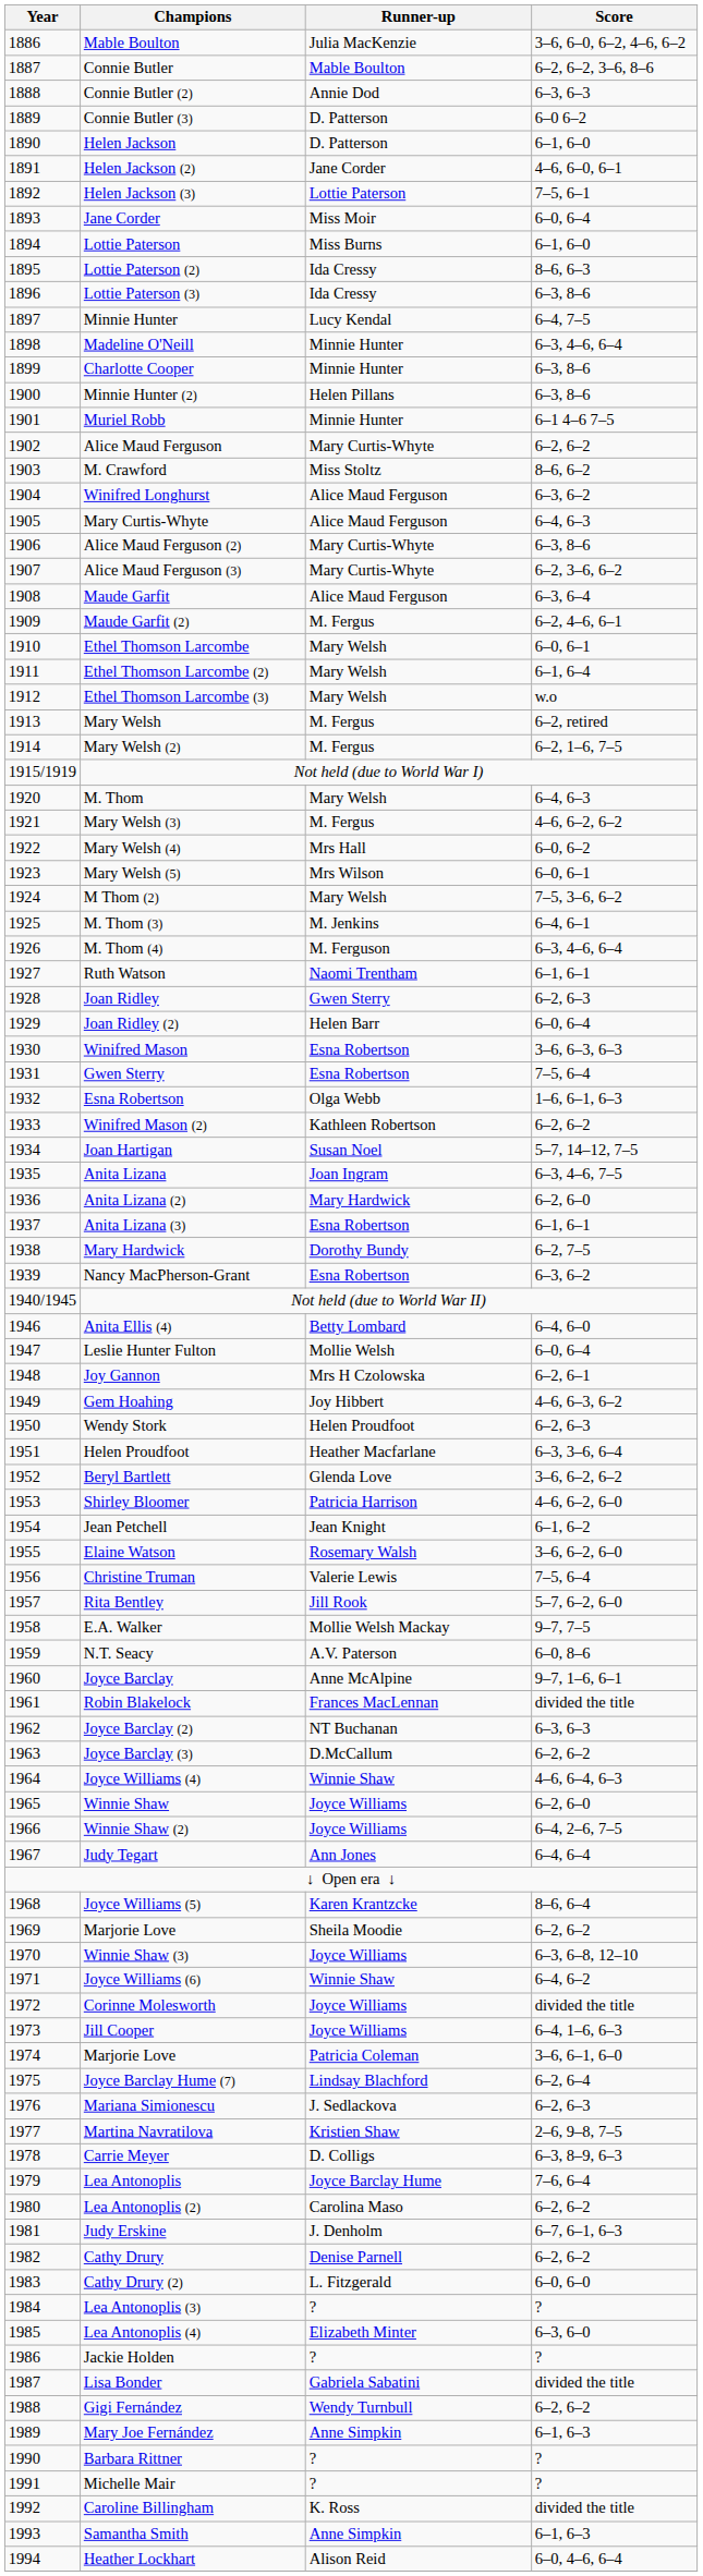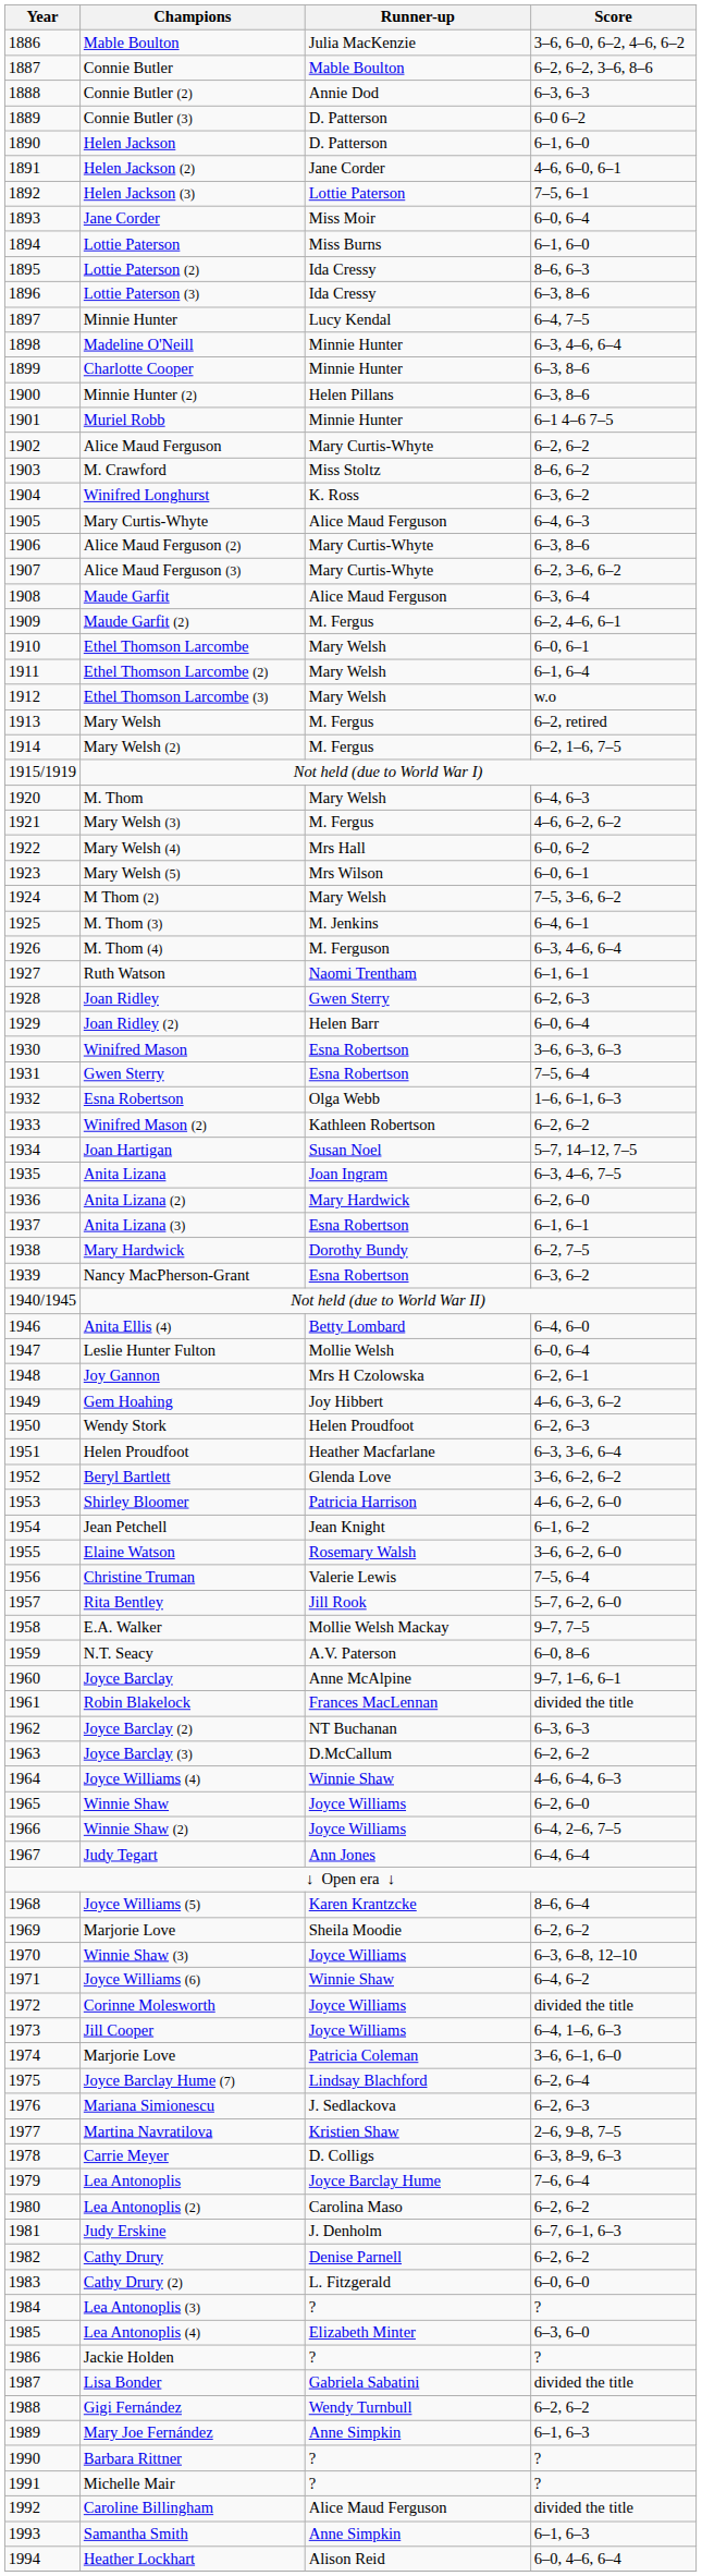 <table class="wikitable">
 <tr>
 <th style="width:60px;">Year</th>
 <th style="width:220px;">Champions</th>
 <th style="width:220px;">Runner-up</th>
 <th style="width:160px;">Score</th>
 </tr>
 <tr>
 <td>1886</td>
 <td> <a href='#'>Mable Boulton</a></td>
 <td> Julia MacKenzie</td>
 <td>3–6, 6–0, 6–2, 4–6, 6–2</td>
 </tr>
 <tr>
 <td>1887</td>
 <td> Connie Butler</td>
 <td> <a href='#'>Mable Boulton</a></td>
 <td>6–2, 6–2, 3–6, 8–6</td>
 </tr>
 <tr>
 <td>1888</td>
 <td> Connie Butler <small>(2)</small></td>
 <td> Annie Dod</td>
 <td>6–3, 6–3</td>
 </tr>
 <tr>
 <td>1889</td>
 <td> Connie Butler  <small>(3)</small></td>
 <td>  D. Patterson</td>
 <td>6–0 6–2</td>
 </tr>
 <tr>
 <td>1890</td>
 <td> <a href='#'>Helen Jackson</a></td>
 <td>  D. Patterson</td>
 <td>6–1, 6–0</td>
 </tr>
 <tr>
 <td>1891</td>
 <td> <a href='#'>Helen Jackson</a> <small>(2)</small></td>
 <td> Jane Corder</td>
 <td>4–6, 6–0, 6–1</td>
 </tr>
 <tr>
 <td>1892</td>
 <td> <a href='#'>Helen Jackson</a> <small>(3)</small></td>
 <td> <a href='#'>Lottie Paterson</a></td>
 <td>7–5, 6–1</td>
 </tr>
 <tr>
 <td>1893</td>
 <td> <a href='#'>Jane Corder</a></td>
 <td> Miss Moir</td>
 <td>6–0, 6–4</td>
 </tr>
 <tr>
 <td>1894</td>
 <td> <a href='#'>Lottie Paterson</a></td>
 <td>  Miss Burns</td>
 <td>6–1, 6–0</td>
 </tr>
 <tr>
 <td>1895</td>
 <td> <a href='#'>Lottie Paterson</a> <small>(2)</small></td>
 <td> Ida Cressy</td>
 <td>8–6, 6–3</td>
 </tr>
 <tr>
 <td>1896</td>
 <td> <a href='#'>Lottie Paterson</a>  <small>(3)</small></td>
 <td> Ida Cressy</td>
 <td>6–3, 8–6</td>
 </tr>
 <tr>
 <td>1897</td>
 <td> Minnie Hunter</td>
 <td> Lucy Kendal</td>
 <td>6–4, 7–5</td>
 </tr>
 <tr>
 <td>1898</td>
 <td> <a href='#'>Madeline O'Neill</a></td>
 <td> Minnie Hunter</td>
 <td>6–3, 4–6, 6–4</td>
 </tr>
 <tr>
 <td>1899</td>
 <td> <a href='#'>Charlotte Cooper</a></td>
 <td> Minnie Hunter</td>
 <td>6–3, 8–6</td>
 </tr>
 <tr>
 <td>1900</td>
 <td> Minnie Hunter <small>(2)</small></td>
 <td> Helen Pillans</td>
 <td>6–3, 8–6</td>
 </tr>
 <tr>
 <td>1901</td>
 <td> <a href='#'>Muriel Robb</a></td>
 <td> Minnie Hunter</td>
 <td>6–1 4–6 7–5</td>
 </tr>
 <tr>
 <td>1902</td>
 <td> Alice Maud Ferguson</td>
 <td> Mary Curtis-Whyte</td>
 <td>6–2, 6–2</td>
 </tr>
 <tr>
 <td>1903</td>
 <td> M. Crawford</td>
 <td> Miss Stoltz</td>
 <td>8–6, 6–2</td>
 </tr>
 <tr>
 <td>1904</td>
 <td> <a href='#'>Winifred Longhurst</a></td>
-<td> Alice Maud Ferguson</td>
+<td> K. Ross</td>
 <td>6–3, 6–2</td>
 </tr>
 <tr>
 <td>1905</td>
 <td> Mary Curtis-Whyte</td>
 <td> Alice Maud Ferguson</td>
 <td>6–4, 6–3</td>
 </tr>
 <tr>
 <td>1906</td>
 <td> Alice Maud Ferguson <small>(2)</small></td>
 <td> Mary Curtis-Whyte</td>
 <td>6–3, 8–6</td>
 </tr>
 <tr>
 <td>1907</td>
 <td> Alice Maud Ferguson <small>(3)</small></td>
 <td> Mary Curtis-Whyte</td>
 <td>6–2, 3–6, 6–2</td>
 </tr>
 <tr>
 <td>1908</td>
 <td> <a href='#'>Maude Garfit</a></td>
 <td> Alice Maud Ferguson</td>
 <td>6–3, 6–4</td>
 </tr>
 <tr>
 <td>1909</td>
 <td> <a href='#'>Maude Garfit</a> <small>(2)</small></td>
 <td> M. Fergus</td>
 <td>6–2, 4–6, 6–1</td>
 </tr>
 <tr>
 <td>1910</td>
 <td> <a href='#'>Ethel Thomson Larcombe</a></td>
 <td> Mary Welsh</td>
 <td>6–0, 6–1</td>
 </tr>
 <tr>
 <td>1911</td>
 <td> <a href='#'>Ethel Thomson Larcombe</a> <small>(2)</small></td>
 <td> Mary Welsh</td>
 <td>6–1, 6–4</td>
 </tr>
 <tr>
 <td>1912</td>
 <td> <a href='#'>Ethel Thomson Larcombe</a> <small>(3)</small></td>
 <td> Mary Welsh</td>
 <td>w.o</td>
 </tr>
 <tr>
 <td>1913</td>
 <td> Mary Welsh</td>
 <td> M. Fergus</td>
 <td>6–2, retired</td>
 </tr>
 <tr>
 <td>1914</td>
 <td> Mary Welsh <small>(2)</small></td>
 <td> M. Fergus</td>
 <td>6–2, 1–6, 7–5</td>
 </tr>
 <tr>
 <td>1915/1919</td>
 <td colspan=4 align=center><em>Not held (due to World War I)</em></td>
 </tr>
 <tr>
 <td>1920</td>
 <td>  M. Thom</td>
 <td> Mary Welsh</td>
 <td>6–4, 6–3</td>
 </tr>
 <tr>
 <td>1921</td>
 <td> Mary Welsh <small>(3)</small></td>
 <td> M. Fergus</td>
 <td>4–6, 6–2, 6–2</td>
 </tr>
 <tr>
 <td>1922</td>
 <td> Mary Welsh <small>(4)</small></td>
 <td> Mrs Hall</td>
 <td>6–0, 6–2</td>
 </tr>
 <tr>
 <td>1923</td>
 <td> Mary Welsh <small>(5)</small></td>
 <td> Mrs Wilson</td>
 <td>6–0, 6–1</td>
 </tr>
 <tr>
 <td>1924</td>
 <td> M Thom <small>(2)</small></td>
 <td> Mary Welsh</td>
 <td>7–5, 3–6, 6–2</td>
 </tr>
 <tr>
 <td>1925</td>
 <td> M. Thom <small>(3)</small></td>
 <td> M. Jenkins</td>
 <td>6–4, 6–1</td>
 </tr>
 <tr>
 <td>1926</td>
 <td> M. Thom <small>(4)</small></td>
 <td> M. Ferguson</td>
 <td>6–3, 4–6, 6–4</td>
 </tr>
 <tr>
 <td>1927</td>
 <td> Ruth Watson</td>
 <td> <a href='#'>Naomi Trentham</a></td>
 <td>6–1, 6–1</td>
 </tr>
 <tr>
 <td>1928</td>
 <td> <a href='#'>Joan Ridley</a></td>
 <td> <a href='#'>Gwen Sterry</a></td>
 <td>6–2, 6–3</td>
 </tr>
 <tr>
 <td>1929</td>
 <td> <a href='#'>Joan Ridley</a> <small>(2)</small></td>
 <td> Helen Barr</td>
 <td>6–0, 6–4</td>
 </tr>
 <tr>
 <td>1930</td>
 <td> <a href='#'>Winifred Mason</a></td>
 <td> <a href='#'>Esna Robertson</a></td>
 <td>3–6, 6–3, 6–3</td>
 </tr>
 <tr>
 <td>1931</td>
 <td> <a href='#'>Gwen Sterry</a></td>
 <td> <a href='#'>Esna Robertson</a></td>
 <td>7–5, 6–4</td>
 </tr>
 <tr>
 <td>1932 </td>
 <td> <a href='#'>Esna Robertson</a></td>
 <td> Olga Webb</td>
 <td>1–6, 6–1, 6–3</td>
 </tr>
 <tr>
 <td>1933</td>
 <td> <a href='#'>Winifred Mason</a> <small>(2)</small></td>
 <td> Kathleen Robertson</td>
 <td>6–2, 6–2</td>
 </tr>
 <tr>
 <td>1934 </td>
 <td> <a href='#'>Joan Hartigan</a></td>
 <td> <a href='#'>Susan Noel</a></td>
 <td>5–7, 14–12, 7–5</td>
 </tr>
 <tr>
 <td>1935</td>
 <td> <a href='#'>Anita Lizana</a></td>
 <td> <a href='#'>Joan Ingram</a></td>
 <td>6–3, 4–6, 7–5</td>
 </tr>
 <tr>
 <td>1936</td>
 <td> <a href='#'>Anita Lizana</a> <small>(2)</small></td>
 <td> <a href='#'>Mary Hardwick</a></td>
 <td>6–2, 6–0</td>
 </tr>
 <tr>
 <td>1937</td>
 <td> <a href='#'>Anita Lizana</a> <small>(3)</small></td>
 <td> <a href='#'>Esna Robertson</a></td>
 <td>6–1, 6–1</td>
 </tr>
 <tr>
 <td>1938</td>
 <td> <a href='#'>Mary Hardwick</a></td>
 <td> <a href='#'>Dorothy Bundy</a></td>
 <td>6–2, 7–5</td>
 </tr>
 <tr>
 <td>1939</td>
 <td> Nancy MacPherson-Grant</td>
 <td> <a href='#'>Esna Robertson</a></td>
 <td>6–3, 6–2</td>
 </tr>
 <tr>
 <td>1940/1945</td>
 <td colspan=4 align=center><em>Not held (due to World War II)</em></td>
 </tr>
 <tr>
 <td>1946</td>
 <td> <a href='#'>Anita Ellis</a> <small>(4)</small></td>
 <td> <a href='#'>Betty Lombard</a></td>
 <td>6–4, 6–0</td>
 </tr>
 <tr>
 <td>1947</td>
 <td> Leslie Hunter Fulton</td>
 <td> Mollie Welsh</td>
 <td>6–0, 6–4</td>
 </tr>
 <tr>
 <td>1948</td>
 <td> <a href='#'>Joy Gannon</a></td>
 <td> Mrs H Czolowska</td>
 <td>6–2, 6–1</td>
 </tr>
 <tr>
 <td>1949</td>
 <td> <a href='#'>Gem Hoahing</a></td>
 <td> Joy Hibbert</td>
 <td>4–6, 6–3, 6–2</td>
 </tr>
 <tr>
 <td>1950</td>
 <td> Wendy Stork</td>
 <td> Helen Proudfoot</td>
 <td>6–2, 6–3</td>
 </tr>
 <tr>
 <td>1951</td>
 <td>  Helen Proudfoot</td>
 <td> Heather Macfarlane</td>
 <td>6–3, 3–6, 6–4</td>
 </tr>
 <tr>
 <td>1952</td>
 <td> <a href='#'>Beryl Bartlett</a></td>
 <td> Glenda Love</td>
 <td>3–6, 6–2, 6–2</td>
 </tr>
 <tr>
 <td>1953</td>
 <td> <a href='#'>Shirley Bloomer</a></td>
 <td> <a href='#'>Patricia Harrison</a></td>
 <td>4–6, 6–2, 6–0</td>
 </tr>
 <tr>
 <td>1954</td>
 <td> Jean Petchell</td>
 <td> Jean Knight</td>
 <td>6–1, 6–2</td>
 </tr>
 <tr>
 <td>1955</td>
 <td> <a href='#'>Elaine Watson</a></td>
 <td> <a href='#'>Rosemary Walsh</a></td>
 <td>3–6, 6–2, 6–0</td>
 </tr>
 <tr>
 <td>1956</td>
 <td> <a href='#'>Christine Truman</a></td>
 <td> Valerie Lewis</td>
 <td>7–5, 6–4</td>
 </tr>
 <tr>
 <td>1957</td>
 <td> <a href='#'>Rita Bentley</a></td>
 <td> <a href='#'>Jill Rook</a></td>
 <td>5–7, 6–2, 6–0</td>
 </tr>
 <tr>
 <td>1958</td>
 <td> E.A. Walker</td>
 <td>  Mollie Welsh Mackay</td>
 <td>9–7, 7–5</td>
 </tr>
 <tr>
 <td>1959</td>
 <td> N.T. Seacy</td>
 <td> A.V. Paterson</td>
 <td>6–0, 8–6</td>
 </tr>
 <tr>
 <td>1960</td>
 <td> <a href='#'>Joyce Barclay</a></td>
 <td> Anne McAlpine</td>
 <td>9–7, 1–6, 6–1</td>
 </tr>
 <tr>
 <td>1961</td>
 <td> <a href='#'>Robin Blakelock</a></td>
 <td> <a href='#'>Frances MacLennan</a></td>
 <td>divided the title</td>
 </tr>
 <tr>
 <td>1962</td>
 <td> <a href='#'>Joyce Barclay</a> <small>(2)</small></td>
 <td> NT Buchanan</td>
 <td>6–3, 6–3</td>
 </tr>
 <tr>
 <td>1963</td>
 <td> <a href='#'>Joyce Barclay</a>  <small>(3)</small></td>
 <td> D.McCallum</td>
 <td>6–2, 6–2</td>
 </tr>
 <tr>
 <td>1964</td>
 <td> <a href='#'>Joyce Williams</a> <small>(4)</small></td>
 <td> <a href='#'>Winnie Shaw</a></td>
 <td>4–6, 6–4, 6–3</td>
 </tr>
 <tr>
 <td>1965</td>
 <td> <a href='#'>Winnie Shaw</a></td>
 <td> <a href='#'>Joyce Williams</a></td>
 <td>6–2, 6–0</td>
 </tr>
 <tr>
 <td>1966</td>
 <td> <a href='#'>Winnie Shaw</a> <small>(2)</small></td>
 <td> <a href='#'>Joyce Williams</a></td>
 <td>6–4, 2–6, 7–5</td>
 </tr>
 <tr>
 <td>1967</td>
 <td> <a href='#'>Judy Tegart</a></td>
 <td> <a href='#'>Ann Jones</a></td>
 <td>6–4, 6–4</td>
 </tr>
 <tr>
 <td colspan="4" align="center">↓  Open era  ↓</td>
 </tr>
 <tr>
 <td>1968</td>
 <td> <a href='#'>Joyce Williams</a> <small>(5)</small></td>
 <td> <a href='#'>Karen Krantzcke</a></td>
 <td>8–6, 6–4</td>
 </tr>
 <tr>
 <td>1969</td>
 <td>  Marjorie Love</td>
 <td> Sheila Moodie</td>
 <td>6–2, 6–2</td>
 </tr>
 <tr>
 <td>1970</td>
 <td> <a href='#'>Winnie Shaw</a> <small>(3)</small></td>
 <td> <a href='#'>Joyce Williams</a></td>
 <td>6–3, 6–8, 12–10</td>
 </tr>
 <tr>
 <td>1971</td>
 <td> <a href='#'>Joyce Williams</a> <small>(6)</small></td>
 <td> <a href='#'>Winnie Shaw</a></td>
 <td>6–4, 6–2</td>
 </tr>
 <tr>
 <td>1972</td>
 <td> <a href='#'>Corinne Molesworth</a></td>
 <td> <a href='#'>Joyce Williams</a></td>
 <td>divided the title</td>
 </tr>
 <tr>
 <td>1973</td>
 <td> <a href='#'>Jill Cooper</a></td>
 <td> <a href='#'>Joyce Williams</a></td>
 <td>6–4, 1–6, 6–3</td>
 </tr>
 <tr>
 <td>1974</td>
 <td>  Marjorie Love</td>
 <td> <a href='#'>Patricia Coleman</a></td>
 <td>3–6, 6–1, 6–0</td>
 </tr>
 <tr>
 <td>1975</td>
 <td> <a href='#'>Joyce Barclay Hume</a> <small>(7)</small></td>
 <td> <a href='#'>Lindsay Blachford</a></td>
 <td>6–2, 6–4</td>
 </tr>
 <tr>
 <td>1976 </td>
 <td> <a href='#'>Mariana Simionescu</a></td>
 <td> J. Sedlackova</td>
 <td>6–2, 6–3</td>
 </tr>
 <tr>
 <td>1977 </td>
 <td> <a href='#'>Martina Navratilova</a></td>
 <td> <a href='#'>Kristien Shaw</a></td>
 <td>2–6, 9–8, 7–5</td>
 </tr>
 <tr>
 <td>1978</td>
 <td> <a href='#'>Carrie Meyer</a></td>
 <td> D. Colligs</td>
 <td>6–3, 8–9, 6–3</td>
 </tr>
 <tr>
 <td>1979</td>
 <td> <a href='#'>Lea Antonoplis</a></td>
 <td> <a href='#'>Joyce Barclay Hume</a></td>
 <td>7–6, 6–4</td>
 </tr>
 <tr>
 <td>1980</td>
 <td> <a href='#'>Lea Antonoplis</a> <small>(2)</small></td>
 <td> Carolina Maso</td>
 <td>6–2, 6–2</td>
 </tr>
 <tr>
 <td>1981</td>
 <td> <a href='#'>Judy Erskine</a></td>
 <td> J. Denholm</td>
 <td>6–7, 6–1, 6–3</td>
 </tr>
 <tr>
 <td>1982</td>
 <td> <a href='#'>Cathy Drury</a></td>
 <td> <a href='#'>Denise Parnell</a></td>
 <td>6–2, 6–2</td>
 </tr>
 <tr>
 <td>1983</td>
 <td> <a href='#'>Cathy Drury</a> <small>(2)</small></td>
 <td> L. Fitzgerald</td>
 <td>6–0, 6–0</td>
 </tr>
 <tr>
 <td>1984</td>
 <td> <a href='#'>Lea Antonoplis</a> <small>(3)</small></td>
 <td>?</td>
 <td>?</td>
 </tr>
 <tr>
 <td>1985</td>
 <td> <a href='#'>Lea Antonoplis</a> <small>(4)</small></td>
 <td> <a href='#'>Elizabeth Minter</a></td>
 <td>6–3, 6–0</td>
 </tr>
 <tr>
 <td>1986</td>
 <td> Jackie Holden</td>
 <td>?</td>
 <td>?</td>
 </tr>
 <tr>
 <td>1987 </td>
 <td> <a href='#'>Lisa Bonder</a></td>
 <td> <a href='#'>Gabriela Sabatini</a></td>
 <td>divided the title </td>
 </tr>
 <tr>
 <td>1988 </td>
 <td>   <a href='#'>Gigi Fernández</a></td>
 <td> <a href='#'>Wendy Turnbull</a></td>
 <td>6–2, 6–2</td>
 </tr>
 <tr>
 <td>1989 </td>
 <td> <a href='#'>Mary Joe Fernández</a></td>
 <td>  <a href='#'>Anne Simpkin</a></td>
 <td>6–1, 6–3</td>
 </tr>
 <tr>
 <td>1990</td>
 <td> <a href='#'>Barbara Rittner</a></td>
 <td>?</td>
 <td>?</td>
 </tr>
 <tr>
 <td>1991 </td>
 <td> Michelle Mair</td>
 <td>?</td>
 <td>?</td>
 </tr>
 <tr>
 <td>1992</td>
 <td> <a href='#'>Caroline Billingham</a></td>
-<td> K. Ross</td>
+<td> Alice Maud Ferguson</td>
 <td>divided the title</td>
 </tr>
 <tr>
 <td>1993 </td>
 <td> <a href='#'>Samantha Smith</a></td>
 <td> <a href='#'>Anne Simpkin</a></td>
 <td>6–1, 6–3</td>
 </tr>
 <tr>
 <td>1994 </td>
 <td> <a href='#'>Heather Lockhart</a></td>
 <td> Alison Reid</td>
 <td>6–0, 4–6, 6–4</td>
 </tr>
 <tr>
 </tr>
 </table>
